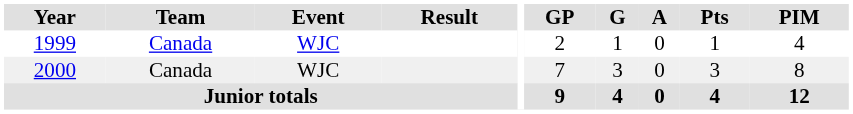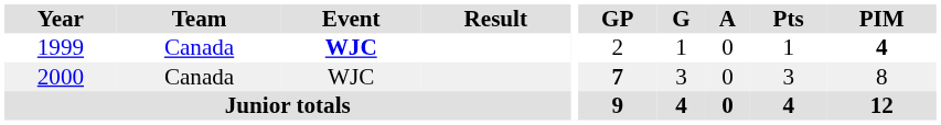 <table border="0" cellpadding="1" cellspacing="0" ID="Table3" style="text-align:center; width:40em">
 <tr ALIGN="center" bgcolor="#e0e0e0">
 <th>Year</th>
 <th>Team</th>
 <th>Event</th>
 <th>Result</th>
 <th rowspan="99" bgcolor="#ffffff"></th>
 <th>GP</th>
 <th>G</th>
 <th>A</th>
 <th>Pts</th>
 <th>PIM</th>
 </tr>
 <tr ALIGN="center">
 <td><a href='#'>1999</a></td>
 <td><a href='#'>Canada</a></td>
-<td><a href='#'>WJC</a></td>
+<td><strong><a href='#'>WJC</a></strong></td>
 <td></td>
 <td>2</td>
 <td>1</td>
 <td>0</td>
 <td>1</td>
-<td>4</td>
+<td><strong>4</strong></td>
 </tr>
 <tr ALIGN="center" bgcolor="#f0f0f0">
 <td><a href='#'>2000</a></td>
 <td>Canada</td>
 <td>WJC</td>
 <td></td>
-<td>7</td>
+<td><strong>7</strong></td>
 <td>3</td>
 <td>0</td>
 <td>3</td>
 <td>8</td>
 </tr>
 <tr bgcolor="#e0e0e0">
 <th colspan="4">Junior totals</th>
 <th>9</th>
 <th>4</th>
 <th>0</th>
 <th>4</th>
 <th>12</th>
 </tr>
 </table>
